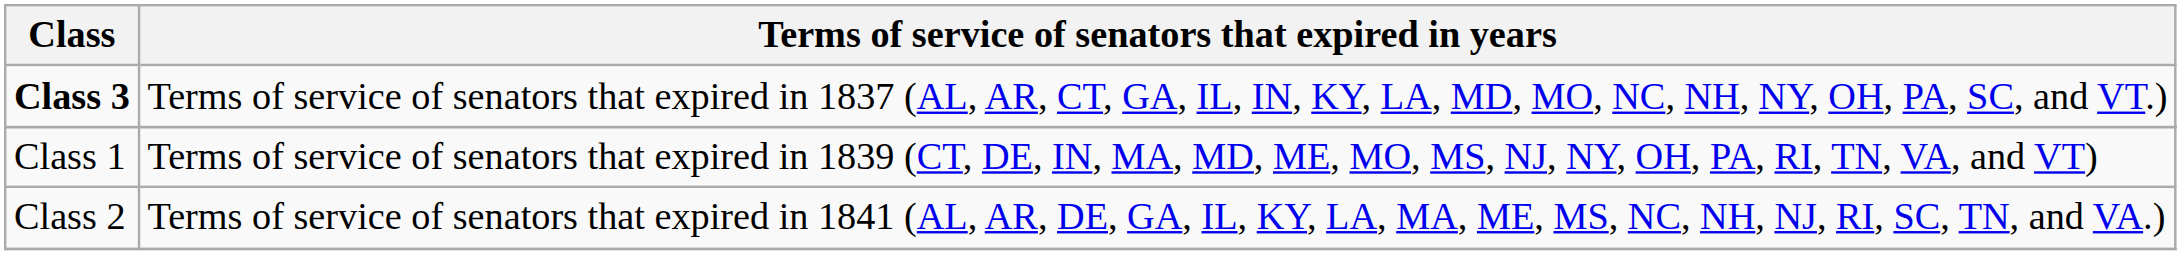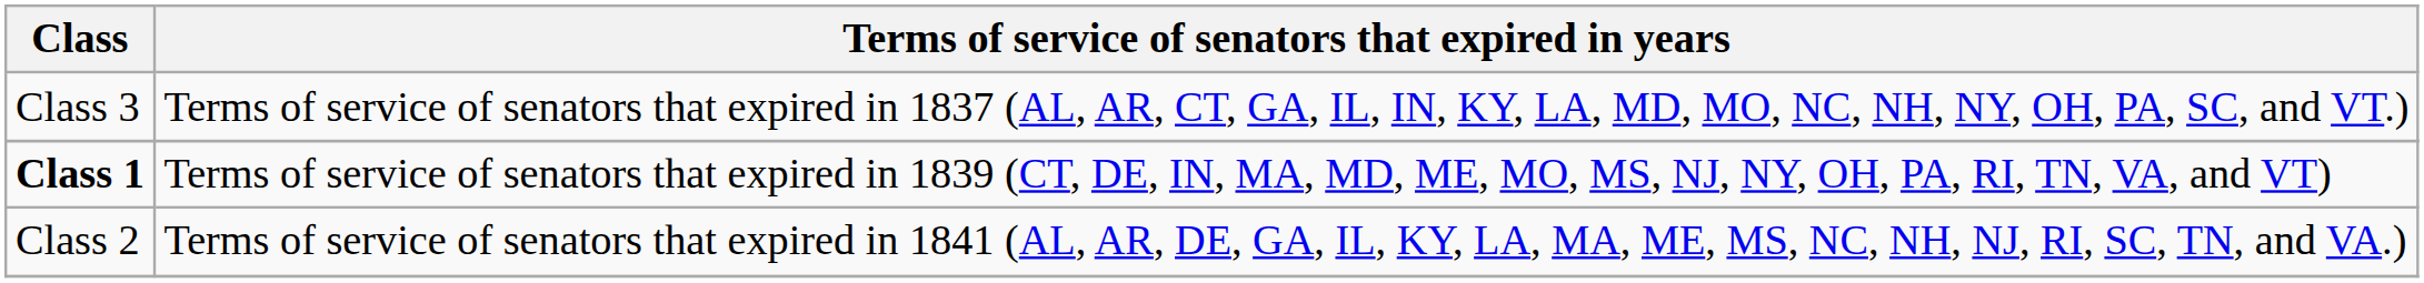 <table class="wikitable sortable">
 <tr valign=bottom>
 <th>Class</th>
 <th>Terms of service of senators that expired in years</th>
 </tr>
 <tr>
-<td><strong>Class 3</strong></td>
+<td>Class 3</td>
 <td>Terms of service of senators that expired in 1837 (<a href='#'>AL</a>, <a href='#'>AR</a>, <a href='#'>CT</a>, <a href='#'>GA</a>, <a href='#'>IL</a>, <a href='#'>IN</a>, <a href='#'>KY</a>, <a href='#'>LA</a>, <a href='#'>MD</a>, <a href='#'>MO</a>, <a href='#'>NC</a>, <a href='#'>NH</a>, <a href='#'>NY</a>, <a href='#'>OH</a>, <a href='#'>PA</a>, <a href='#'>SC</a>, and  <a href='#'>VT</a>.)</td>
 </tr>
 <tr>
 </tr>
 <tr>
-<td>Class 1</td>
+<td><strong>Class 1</strong></td>
 <td>Terms of service of senators that expired in 1839 (<a href='#'>CT</a>, <a href='#'>DE</a>, <a href='#'>IN</a>, <a href='#'>MA</a>, <a href='#'>MD</a>, <a href='#'>ME</a>, <a href='#'>MO</a>, <a href='#'>MS</a>, <a href='#'>NJ</a>, <a href='#'>NY</a>, <a href='#'>OH</a>, <a href='#'>PA</a>, <a href='#'>RI</a>, <a href='#'>TN</a>, <a href='#'>VA</a>, and <a href='#'>VT</a>)</td>
 </tr>
 <tr>
 <td>Class 2</td>
 <td>Terms of service of senators that expired in 1841 (<a href='#'>AL</a>, <a href='#'>AR</a>, <a href='#'>DE</a>, <a href='#'>GA</a>, <a href='#'>IL</a>, <a href='#'>KY</a>, <a href='#'>LA</a>, <a href='#'>MA</a>, <a href='#'>ME</a>, <a href='#'>MS</a>, <a href='#'>NC</a>, <a href='#'>NH</a>, <a href='#'>NJ</a>, <a href='#'>RI</a>, <a href='#'>SC</a>, <a href='#'>TN</a>, and <a href='#'>VA</a>.)</td>
 </tr>
 <tr>
 </tr>
 </table>
